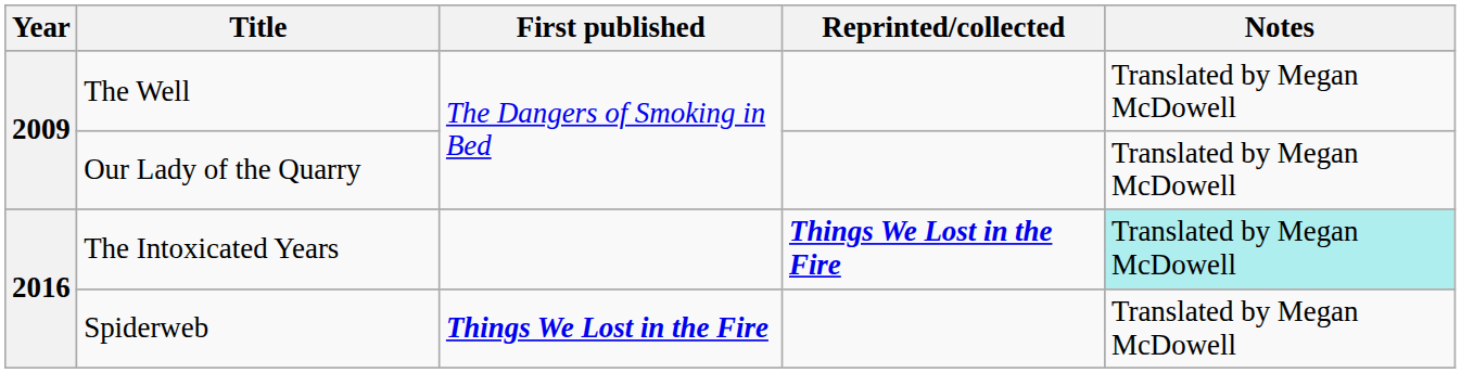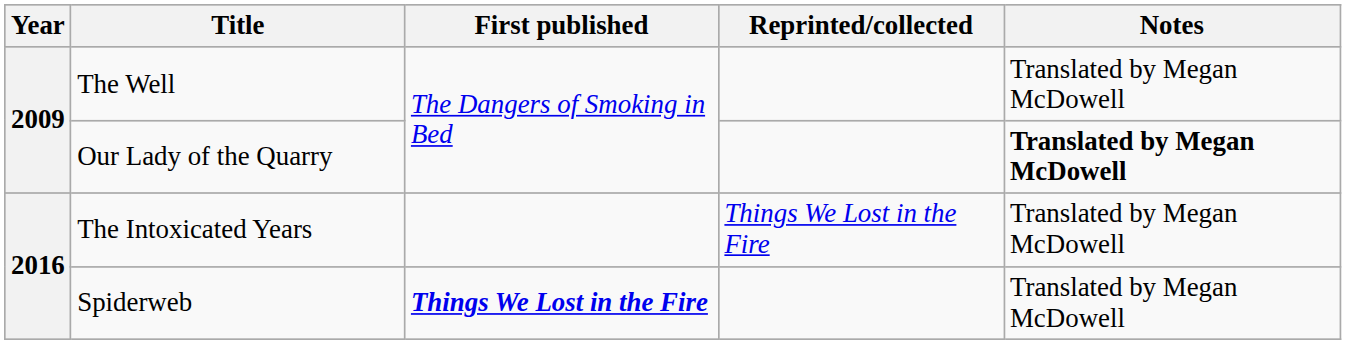 <table class="wikitable sortable" width="90%">
 <tr>
 <th>Year</th>
 <th width="25%">Title</th>
 <th>First published</th>
 <th>Reprinted/collected</th>
 <th>Notes</th>
 </tr>
 <tr>
 <th rowspan="2">2009</th>
 <td data-sort-value="intoxicated years">The Well</td>
 <td rowspan="2"><em><a href='#'>The Dangers of Smoking in Bed</a></em></td>
 <td></td>
 <td>Translated by Megan McDowell</td>
 </tr>
 <tr>
 <td>Our Lady of the Quarry</td>
 <td></td>
-<td>Translated by Megan McDowell</td>
+<td><strong>Translated by Megan McDowell</strong></td>
 </tr>
 <tr>
 <th rowspan="2">2016</th>
 <td data-sort-value="well">The Intoxicated Years</td>
 <td></td>
-<td><strong><em><a href='#'>Things We Lost in the Fire</a></em></strong></td>
-<td style="background: paleturquoise;">Translated by Megan McDowell</td>
+<td><em><a href='#'>Things We Lost in the Fire</a></em></td>
+<td>Translated by Megan McDowell</td>
 </tr>
 <tr>
 <td>Spiderweb</td>
 <td><strong><em><a href='#'>Things We Lost in the Fire</a></em></strong></td>
 <td></td>
 <td>Translated by Megan McDowell</td>
 </tr>
 </table>
